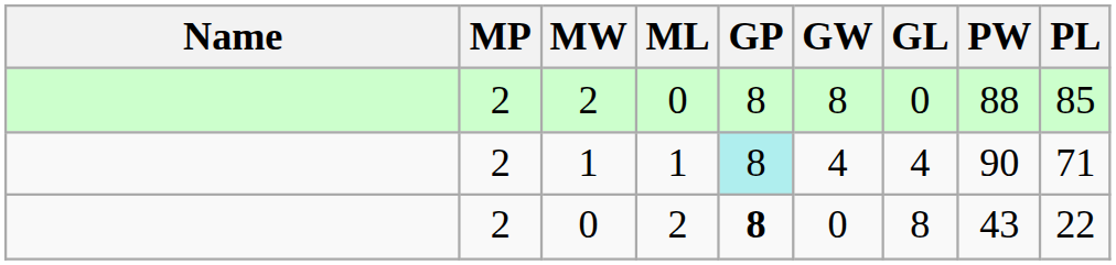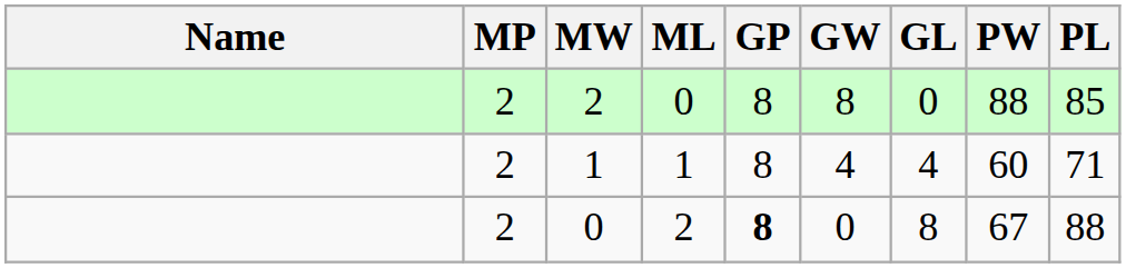 <table class=wikitable style="text-align:center">
 <tr>
 <th width=175>Name</th>
 <th width=20>MP</th>
 <th width=20>MW</th>
 <th width=20>ML</th>
 <th width=20>GP</th>
 <th width=20>GW</th>
 <th width=20>GL</th>
 <th width=20>PW</th>
 <th width=20>PL</th>
 </tr>
 <tr style="background-color:#ccffcc;">
 <td style="text-align:left;"><strong></strong></td>
 <td>2</td>
 <td>2</td>
 <td>0</td>
 <td>8</td>
 <td>8</td>
 <td>0</td>
 <td>88</td>
 <td>85</td>
 </tr>
 <tr>
 <td style="text-align:left;"></td>
 <td>2</td>
 <td>1</td>
 <td>1</td>
-<td style="background: paleturquoise;">8</td>
+<td>8</td>
 <td>4</td>
 <td>4</td>
-<td>90</td>
+<td>60</td>
 <td>71</td>
 </tr>
 <tr>
 <td style="text-align:left;"></td>
 <td>2</td>
 <td>0</td>
 <td>2</td>
 <td><strong>8</strong></td>
 <td>0</td>
 <td>8</td>
-<td>43</td>
-<td>22</td>
+<td>67</td>
+<td>88</td>
 </tr>
 </table>
